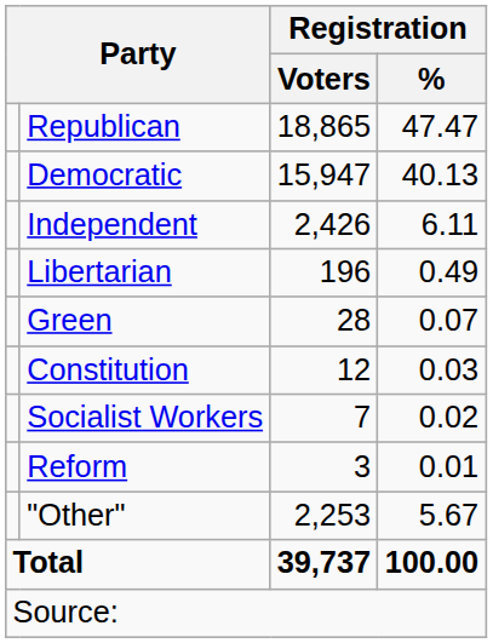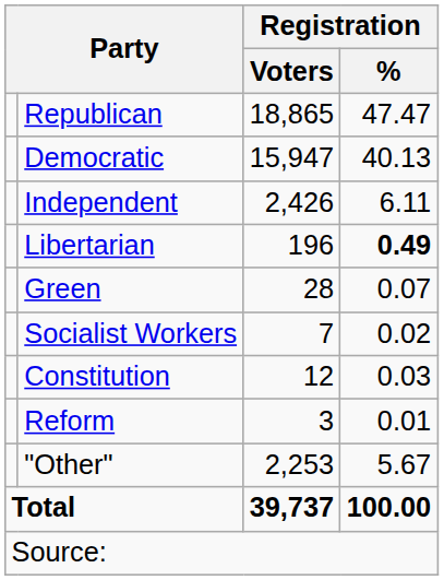 <table class="wikitable">
 <tr>
 <th colspan="2" rowspan="2">Party</th>
 <th colspan="2">Registration</th>
 </tr>
 <tr>
 <th>Voters</th>
 <th>%</th>
 </tr>
 <tr>
 <td style="background-color:"></td>
 <td><a href='#'>Republican</a></td>
 <td style="text-align:right;">18,865</td>
 <td style="text-align:right;">47.47</td>
 </tr>
 <tr>
 <td style="background-color:"></td>
 <td><a href='#'>Democratic</a></td>
 <td style="text-align:right;">15,947</td>
 <td style="text-align:right;">40.13</td>
 </tr>
 <tr>
 <td style="background-color:"></td>
 <td><a href='#'>Independent</a></td>
 <td style="text-align:right;">2,426</td>
 <td style="text-align:right;">6.11</td>
 </tr>
 <tr>
 <td style="background-color:"></td>
 <td><a href='#'>Libertarian</a></td>
 <td style="text-align:right;">196</td>
-<td style="text-align:right;">0.49</td>
+<td style="text-align:right;"><strong>0.49</strong></td>
 </tr>
 <tr>
 <td style="background-color:"></td>
 <td><a href='#'>Green</a></td>
 <td style="text-align:right;">28</td>
 <td style="text-align:right;">0.07</td>
 </tr>
 <tr>
 <td style="background-color:"></td>
+<td><a href='#'>Socialist Workers</a></td>
+<td style="text-align:right;">7</td>
+<td style="text-align:right;">0.02</td>
+</tr>
+<tr>
+<td style="background-color:"></td>
 <td><a href='#'>Constitution</a></td>
 <td style="text-align:right;">12</td>
 <td style="text-align:right;">0.03</td>
-</tr>
-<tr>
-<td style="background-color:"></td>
-<td><a href='#'>Socialist Workers</a></td>
-<td style="text-align:right;">7</td>
-<td style="text-align:right;">0.02</td>
 </tr>
 <tr>
 <td style="background-color:"></td>
 <td><a href='#'>Reform</a></td>
 <td style="text-align:right;">3</td>
 <td style="text-align:right;">0.01</td>
 </tr>
 <tr>
 <td></td>
 <td>"Other"</td>
 <td style="text-align:right;">2,253</td>
 <td style="text-align:right;">5.67</td>
 </tr>
 <tr>
 <td colspan="2"><strong>Total</strong></td>
 <td style="text-align:right;"><strong>39,737</strong></td>
 <td style="text-align:right;"><strong>100.00</strong></td>
 </tr>
 <tr>
 <td colspan="4">Source: <em></em></td>
 </tr>
 </table>
